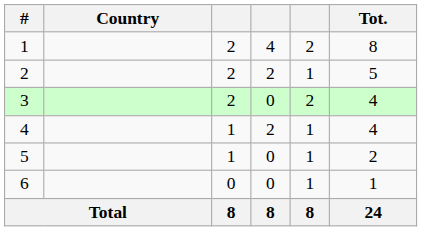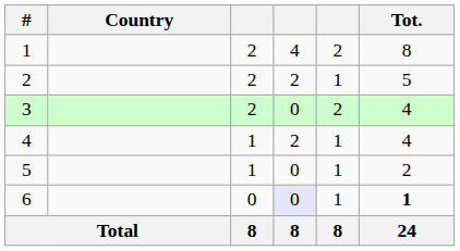 <table class="wikitable" width=30% style="font-size:100%; text-align:center;">
 <tr>
 <th>#</th>
 <th>Country</th>
 <th></th>
 <th></th>
 <th></th>
 <th>Tot.</th>
 </tr>
 <tr>
 <td>1</td>
 <td align=left></td>
 <td>2</td>
 <td>4</td>
 <td>2</td>
 <td>8</td>
 </tr>
 <tr>
 <td>2</td>
 <td align=left></td>
 <td>2</td>
 <td>2</td>
 <td>1</td>
 <td>5</td>
 </tr>
 <tr style="background:#ccffcc;">
 <td>3</td>
 <td align=left></td>
 <td>2</td>
 <td>0</td>
 <td>2</td>
 <td>4</td>
 </tr>
 <tr>
 <td>4</td>
 <td align=left></td>
 <td>1</td>
 <td>2</td>
 <td>1</td>
 <td>4</td>
 </tr>
 <tr>
 <td>5</td>
 <td align=left></td>
 <td>1</td>
 <td>0</td>
 <td>1</td>
 <td>2</td>
 </tr>
 <tr>
 <td>6</td>
 <td align=left></td>
 <td>0</td>
-<td>0</td>
+<td style="background: lavender;">0</td>
 <td>1</td>
-<td>1</td>
+<td><strong>1</strong></td>
 </tr>
 <tr class="sortbottom">
 <th colspan=2>Total</th>
 <th>8</th>
 <th>8</th>
 <th>8</th>
 <th>24</th>
 </tr>
 </table>
